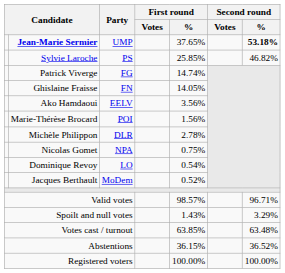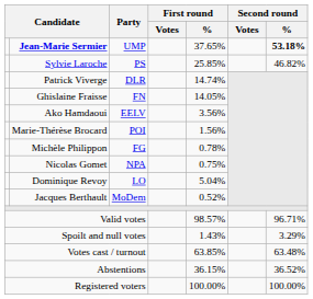 <table class="wikitable" style="text-align:right;font-size:95%;">
 <tr>
 <th rowspan=2 colspan=2>Candidate</th>
 <th rowspan=2 colspan=1>Party</th>
 <th colspan=2>First round</th>
 <th colspan=2>Second round</th>
 </tr>
 <tr>
 <th style="width:50px;">Votes</th>
 <th style="width:55px;">%</th>
 <th style="width:50px;">Votes</th>
 <th style="width:55px;">%</th>
 </tr>
 <tr>
 <td style="color:inherit;background-color:"></td>
 <td><strong><a href='#'>Jean-Marie Sermier</a></strong></td>
 <td><a href='#'>UMP</a></td>
 <td></td>
 <td>37.65%</td>
 <td><strong></strong></td>
 <td><strong>53.18%</strong></td>
 </tr>
 <tr>
 <td style="color:inherit;background-color:"></td>
 <td><a href='#'>Sylvie Laroche</a></td>
 <td><a href='#'>PS</a></td>
 <td></td>
 <td>25.85%</td>
 <td></td>
 <td>46.82%</td>
 </tr>
 <tr>
 <td style="color:inherit;background-color:"></td>
 <td>Patrick Viverge</td>
-<td><a href='#'>FG</a></td>
+<td><a href='#'>DLR</a></td>
 <td></td>
 <td>14.74%</td>
 <td colspan=7 rowspan=8 style="background-color:#E9E9E9;"></td>
 </tr>
 <tr>
 <td style="color:inherit;background-color:"></td>
 <td>Ghislaine Fraisse</td>
 <td><a href='#'>FN</a></td>
 <td></td>
 <td>14.05%</td>
 </tr>
 <tr>
 <td style="color:inherit;background-color:"></td>
 <td>Ako Hamdaoui</td>
 <td><a href='#'>EELV</a></td>
 <td></td>
 <td>3.56%</td>
 </tr>
 <tr>
 <td style="color:inherit;background-color:"></td>
 <td>Marie-Thérèse Brocard</td>
 <td><a href='#'>POI</a></td>
 <td></td>
 <td>1.56%</td>
 </tr>
 <tr>
 <td style="color:inherit;background-color:"></td>
 <td>Michèle Philippon</td>
-<td><a href='#'>DLR</a></td>
+<td><a href='#'>FG</a></td>
 <td></td>
-<td>2.78%</td>
+<td>0.78%</td>
 </tr>
 <tr>
 <td style="color:inherit;background-color:"></td>
 <td>Nicolas Gomet</td>
 <td><a href='#'>NPA</a></td>
 <td></td>
 <td>0.75%</td>
 </tr>
 <tr>
 <td style="color:inherit;background-color:"></td>
 <td>Dominique Revoy</td>
 <td><a href='#'>LO</a></td>
 <td></td>
-<td>0.54%</td>
+<td>5.04%</td>
 </tr>
 <tr>
 <td style="color:inherit;background-color:"></td>
 <td>Jacques Berthault</td>
 <td><a href='#'>MoDem</a></td>
 <td></td>
 <td>0.52%</td>
 </tr>
 <tr>
 <td colspan=7 style="background-color:#E9E9E9;"></td>
 </tr>
 <tr>
 <td colspan=3>Valid votes</td>
 <td></td>
 <td>98.57%</td>
 <td></td>
 <td>96.71%</td>
 </tr>
 <tr>
 <td colspan=3>Spoilt and null votes</td>
 <td></td>
 <td>1.43%</td>
 <td></td>
 <td>3.29%</td>
 </tr>
 <tr>
 <td colspan=3>Votes cast / turnout</td>
 <td></td>
 <td>63.85%</td>
 <td></td>
 <td>63.48%</td>
 </tr>
 <tr>
 <td colspan=3>Abstentions</td>
 <td></td>
 <td>36.15%</td>
 <td></td>
 <td>36.52%</td>
 </tr>
 <tr>
 <td colspan=3>Registered voters</td>
 <td></td>
 <td>100.00%</td>
 <td></td>
 <td>100.00%</td>
 </tr>
 </table>
